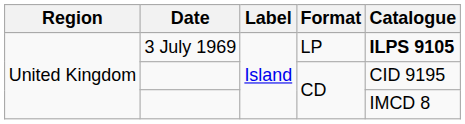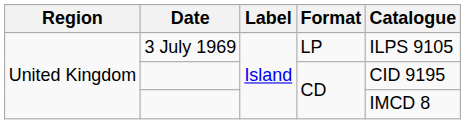 <table class="wikitable">
 <tr>
 <th>Region</th>
 <th>Date</th>
 <th>Label</th>
 <th>Format</th>
 <th>Catalogue</th>
 </tr>
 <tr>
 <td rowspan=3>United Kingdom</td>
 <td>3 July 1969</td>
 <td rowspan=3><a href='#'>Island</a></td>
 <td>LP</td>
-<td><strong>ILPS 9105</strong></td>
+<td>ILPS 9105</td>
 </tr>
 <tr>
 <td></td>
 <td rowspan=2>CD</td>
 <td>CID 9195</td>
 </tr>
 <tr>
 <td></td>
 <td>IMCD 8</td>
 </tr>
 </table>
